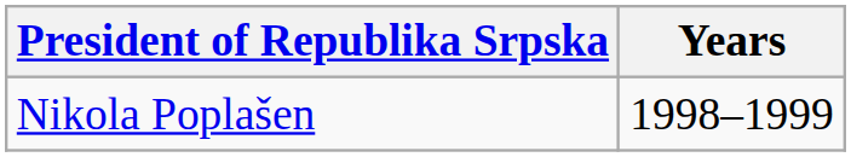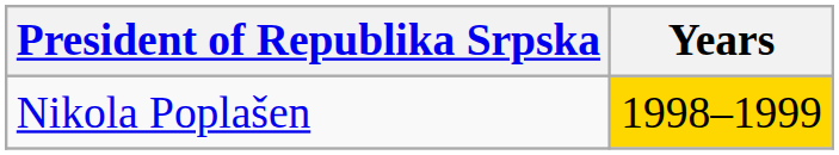 <table class=wikitable>
 <tr>
 <th><a href='#'>President of Republika Srpska</a></th>
 <th>Years</th>
 </tr>
 <tr>
 <td><a href='#'>Nikola Poplašen</a></td>
-<td>1998–1999</td>
+<td style="background: gold;">1998–1999</td>
 </tr>
 </table>
